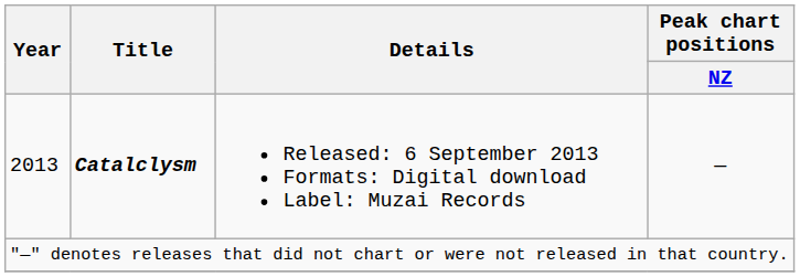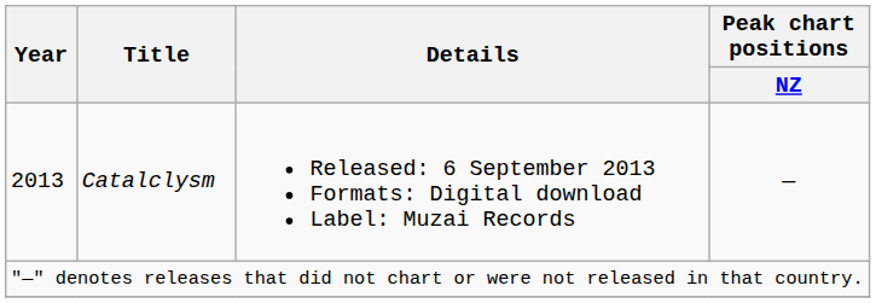 <table class="wikitable plainrowheaders">
 <tr>
 <th rowspan="2">Year</th>
 <th rowspan="2">Title</th>
 <th rowspan="2">Details</th>
 <th>Peak chart<br>positions</th>
 </tr>
 <tr>
 <th><a href='#'>NZ</a></th>
 </tr>
 <tr>
 <td>2013</td>
-<td><strong><em>Catalclysm</em> </strong></td>
+<td><em>Catalclysm</em> </td>
 <td><br><ul><li>Released: 6 September 2013</li><li>Formats: Digital download</li><li>Label: Muzai Records</li></ul></td>
 <td align=center>—</td>
 </tr>
 <tr>
 <td align=center colspan=4><small>"—" denotes releases that did not chart or were not released in that country.</small></td>
 </tr>
 <tr>
 </tr>
 </table>
